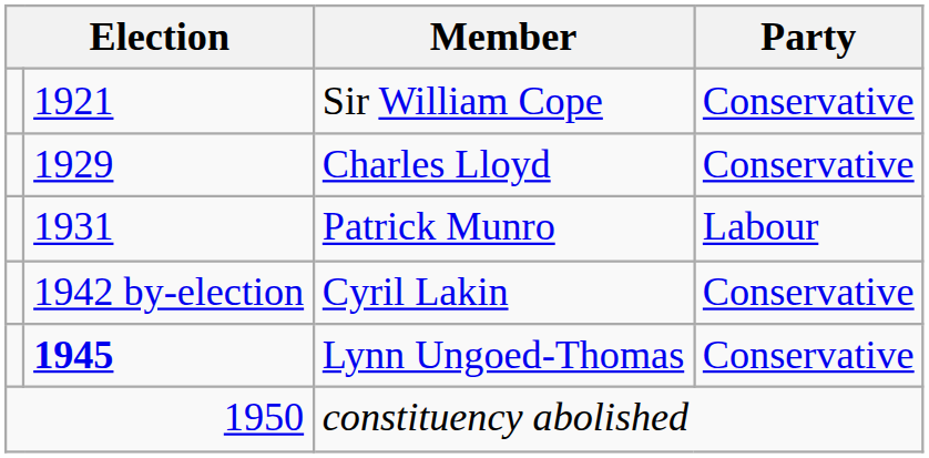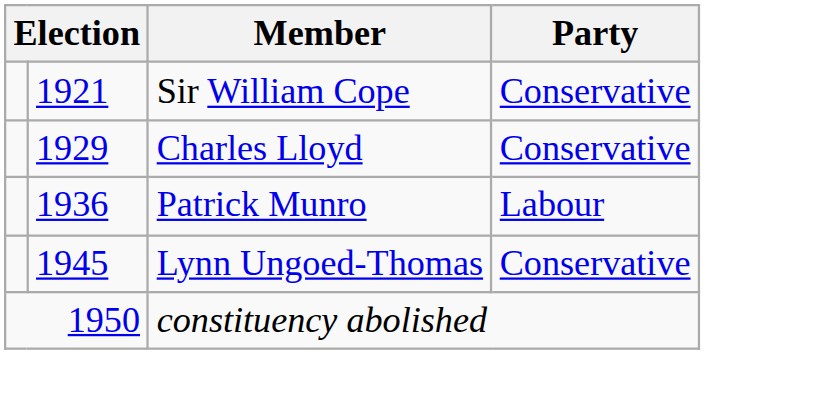 <table class="wikitable">
 <tr>
 <th colspan="2">Election</th>
 <th>Member</th>
 <th>Party</th>
 </tr>
 <tr>
 <td style="color:inherit;background-color: "></td>
 <td><a href='#'>1921</a></td>
 <td>Sir <a href='#'>William Cope</a></td>
 <td><a href='#'>Conservative</a></td>
 </tr>
 <tr>
 <td style="color:inherit;background-color: "></td>
 <td><a href='#'>1929</a></td>
 <td><a href='#'>Charles Lloyd</a></td>
 <td><a href='#'>Conservative</a></td>
 </tr>
 <tr>
 <td style="color:inherit;background-color: "></td>
-<td><a href='#'>1931</a></td>
+<td><a href='#'>1936</a></td>
 <td><a href='#'>Patrick Munro</a></td>
 <td><a href='#'>Labour</a></td>
 </tr>
 <tr>
 <td style="color:inherit;background-color: "></td>
-<td><a href='#'>1942 by-election</a></td>
-<td><a href='#'>Cyril Lakin</a></td>
-<td><a href='#'>Conservative</a></td>
-</tr>
-<tr>
-<td style="color:inherit;background-color: "></td>
-<td><strong><a href='#'>1945</a></strong></td>
+<td><a href='#'>1945</a></td>
 <td><a href='#'>Lynn Ungoed-Thomas</a></td>
 <td><a href='#'>Conservative</a></td>
 </tr>
 <tr>
 <td colspan="2" align="right"><a href='#'>1950</a></td>
 <td colspan="2"><em>constituency abolished</em></td>
 </tr>
 </table>
